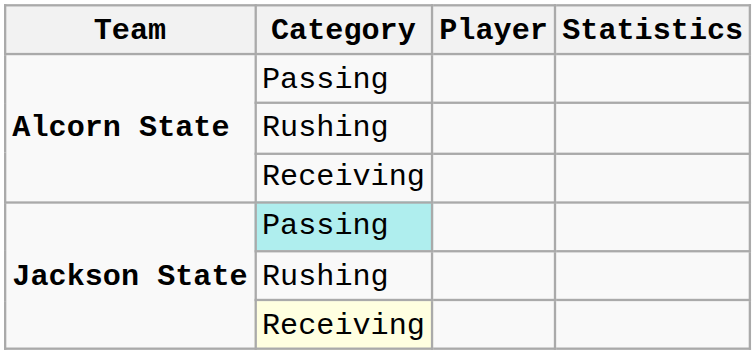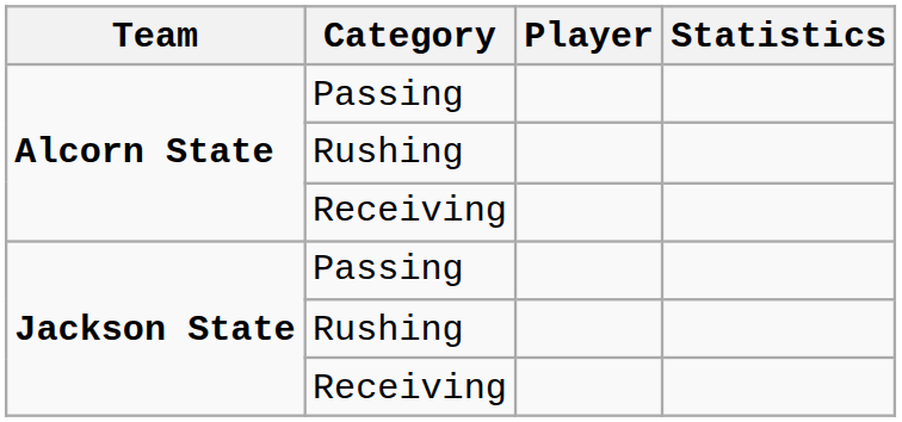 <table class="wikitable" style="float: left;">
 <tr>
 <th>Team</th>
 <th>Category</th>
 <th>Player</th>
 <th>Statistics</th>
 </tr>
 <tr>
 <td rowspan=3><strong>Alcorn State</strong></td>
 <td>Passing</td>
 <td> </td>
 <td> </td>
 </tr>
 <tr>
 <td>Rushing</td>
 <td> </td>
 <td> </td>
 </tr>
 <tr>
 <td>Receiving</td>
 <td> </td>
 <td> </td>
 </tr>
 <tr>
 <td rowspan=3><strong>Jackson State</strong></td>
-<td style="background: paleturquoise;">Passing</td>
+<td>Passing</td>
 <td> </td>
 <td> </td>
 </tr>
 <tr>
 <td>Rushing</td>
 <td> </td>
 <td> </td>
 </tr>
 <tr>
-<td style="background: lightyellow;">Receiving</td>
+<td>Receiving</td>
 <td> </td>
 <td> </td>
 </tr>
 </table>
